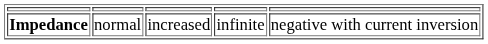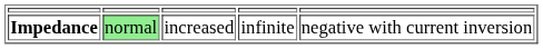 <table border="1" style="text-align: center">
 <tr>
 <td><strong></strong></td>
 <td><strong></strong></td>
 <td><strong></strong></td>
 <td><strong></strong></td>
 <td><strong></strong></td>
 </tr>
 <tr>
 <td><strong>Impedance</strong></td>
-<td>normal</td>
+<td style="background: lightgreen;">normal</td>
 <td>increased</td>
 <td>infinite</td>
 <td>negative with current inversion</td>
 </tr>
 </table>
